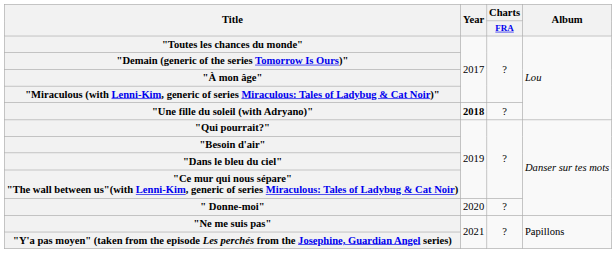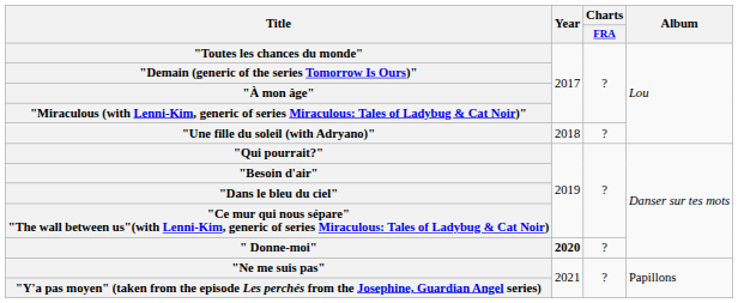 <table class="wikitable sortable plainrowheaders">
 <tr>
 <th rowspan="2">Title</th>
 <th rowspan="2">Year</th>
 <th colspan="1">Charts</th>
 <th rowspan="2">Album</th>
 </tr>
 <tr>
 <th scope="row" style="width:3em;font-size:85%"><a href='#'>FRA</a></th>
 </tr>
 <tr>
 <th scope="row">"Toutes les chances du monde"</th>
 <td rowspan="4" align="center">2017</td>
 <td rowspan="4" align="center">?</td>
 <td rowspan="5"><em>Lou</em></td>
 </tr>
 <tr>
 <th scope="row">"Demain (generic of the series <a href='#'>Tomorrow Is Ours</a>)"</th>
 </tr>
 <tr>
 <th scope="row">"À mon âge"</th>
 </tr>
 <tr>
 <th scope="row">"Miraculous (with <a href='#'>Lenni-Kim</a>, generic of series <a href='#'>Miraculous: Tales of Ladybug & Cat Noir</a>)"</th>
 </tr>
 <tr>
 <th scope="row">"Une fille du soleil (with Adryano)"</th>
-<td rowspan="1" align="center"><strong>2018</strong></td>
+<td rowspan="1" align="center">2018</td>
 <td rowspan="1" align="center">?</td>
 </tr>
 <tr>
 <th scope="row">"Qui pourrait?"</th>
 <td rowspan="4" align="center">2019</td>
 <td rowspan="4" align="center">?</td>
 <td rowspan="5"><em>Danser sur tes mots</em></td>
 </tr>
 <tr>
 <th scope="row">"Besoin d'air"</th>
 </tr>
 <tr>
 <th scope="row">"Dans le bleu du ciel"</th>
 </tr>
 <tr>
 <th scope="row">"Ce mur qui nous sépare"<br>"The wall between us"(with <a href='#'>Lenni-Kim</a>, generic of series <a href='#'>Miraculous: Tales of Ladybug & Cat Noir</a>)</th>
 </tr>
 <tr>
 <th scope="row">" Donne-moi"</th>
-<td rowspan="1" align="center">2020</td>
+<td rowspan="1" align="center"><strong>2020</strong></td>
 <td rowspan="1" align="center">?</td>
 </tr>
 <tr>
 <th scope="row">"Ne me suis pas"</th>
 <td rowspan="2" align="center">2021</td>
 <td rowspan="2" align="center">?</td>
 <td rowspan="2">Papillons</td>
 </tr>
 <tr>
 <th scope="row">"Y'a pas moyen" (taken from the episode <em>Les perchés</em> from the <a href='#'>Josephine, Guardian Angel</a> series)</th>
 </tr>
 </table>
